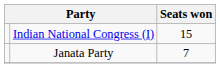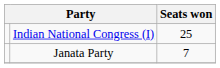 <table class="wikitable" style="text-align:center">
 <tr>
 <th colspan="2">Party</th>
 <th>Seats won</th>
 </tr>
 <tr>
 <td></td>
 <td><a href='#'>Indian National Congress (I)</a></td>
-<td>15</td>
+<td>25</td>
 </tr>
 <tr>
 <td></td>
 <td>Janata Party</td>
 <td>7</td>
 </tr>
 <tr>
 </tr>
 </table>
